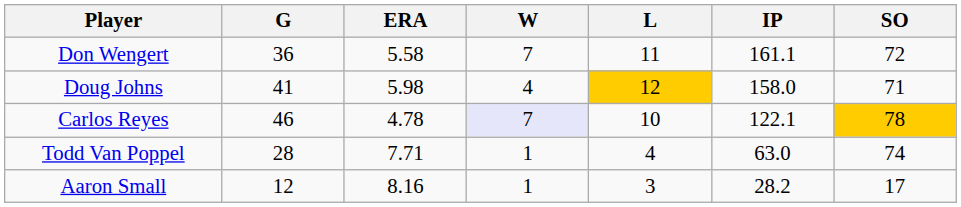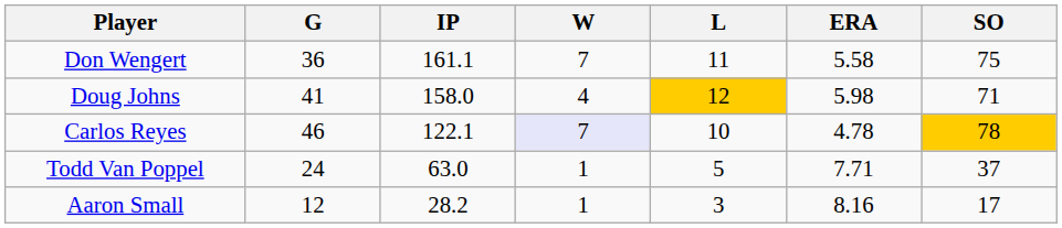 <table class="wikitable sortable">
 <tr>
 <th bgcolor="#DDDDFF" width="16%">Player</th>
 <th bgcolor="#DDDDFF" width="9%">G</th>
-<th bgcolor="#DDDDFF" width="9%">ERA</th>
+<th bgcolor="#DDDDFF" width="9%">IP</th>
 <th bgcolor="#DDDDFF" width="9%">W</th>
 <th bgcolor="#DDDDFF" width="9%">L</th>
-<th bgcolor="#DDDDFF" width="9%">IP</th>
+<th bgcolor="#DDDDFF" width="9%">ERA</th>
 <th bgcolor="#DDDDFF" width="9%">SO</th>
 </tr>
 <tr align="center">
 <td><a href='#'>Don Wengert</a></td>
 <td>36</td>
-<td>5.58</td>
+<td>161.1</td>
 <td>7</td>
 <td>11</td>
-<td>161.1</td>
-<td>72</td>
+<td>5.58</td>
+<td>75</td>
 </tr>
 <tr align=center>
 <td><a href='#'>Doug Johns</a></td>
 <td>41</td>
-<td>5.98</td>
+<td>158.0</td>
 <td>4</td>
 <td style="background:#fc0;">12</td>
-<td>158.0</td>
+<td>5.98</td>
 <td>71</td>
 </tr>
 <tr align=center>
 <td><a href='#'>Carlos Reyes</a></td>
 <td>46</td>
-<td>4.78</td>
+<td>122.1</td>
 <td style="background: lavender;">7</td>
 <td>10</td>
-<td>122.1</td>
+<td>4.78</td>
 <td style="background:#fc0;">78</td>
 </tr>
 <tr align=center>
 <td><a href='#'>Todd Van Poppel</a></td>
-<td>28</td>
+<td>24</td>
+<td>63.0</td>
+<td>1</td>
+<td>5</td>
 <td>7.71</td>
-<td>1</td>
-<td>4</td>
-<td>63.0</td>
-<td>74</td>
+<td>37</td>
 </tr>
 <tr align=center>
 <td><a href='#'>Aaron Small</a></td>
 <td>12</td>
-<td>8.16</td>
+<td>28.2</td>
 <td>1</td>
 <td>3</td>
-<td>28.2</td>
+<td>8.16</td>
 <td>17</td>
 </tr>
 </table>
